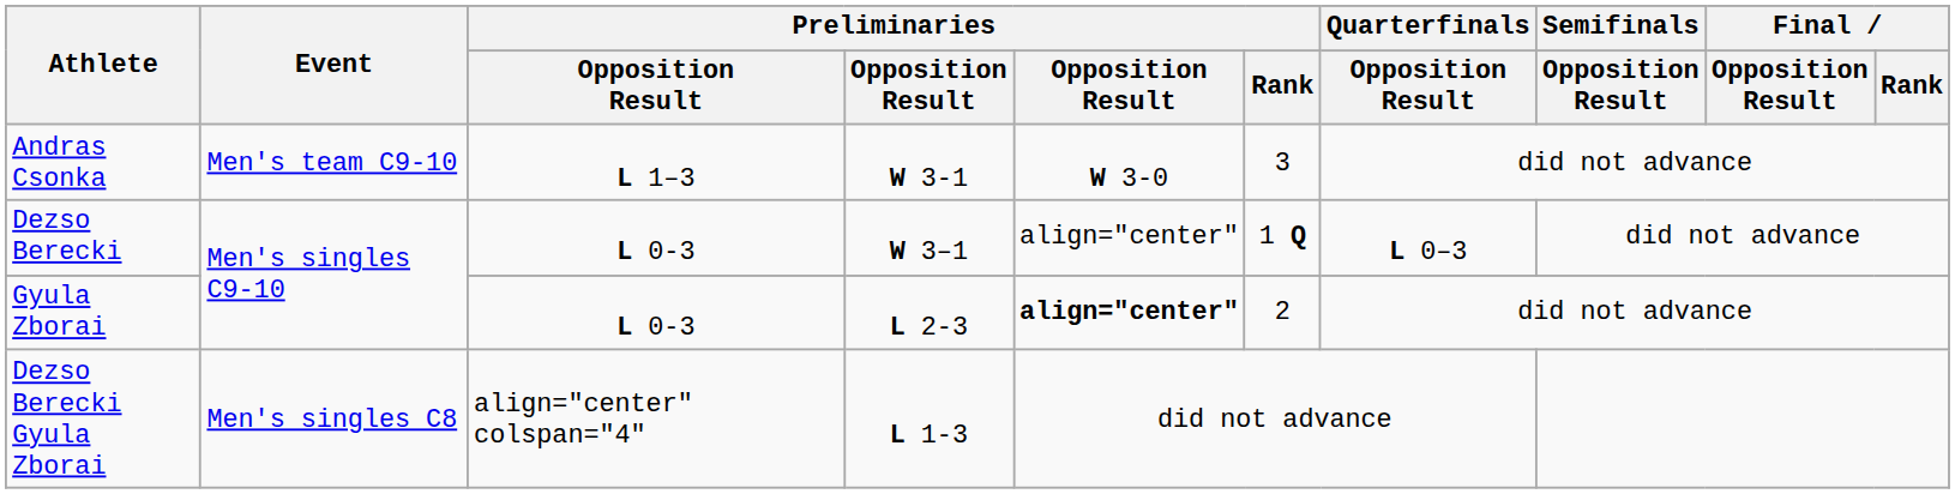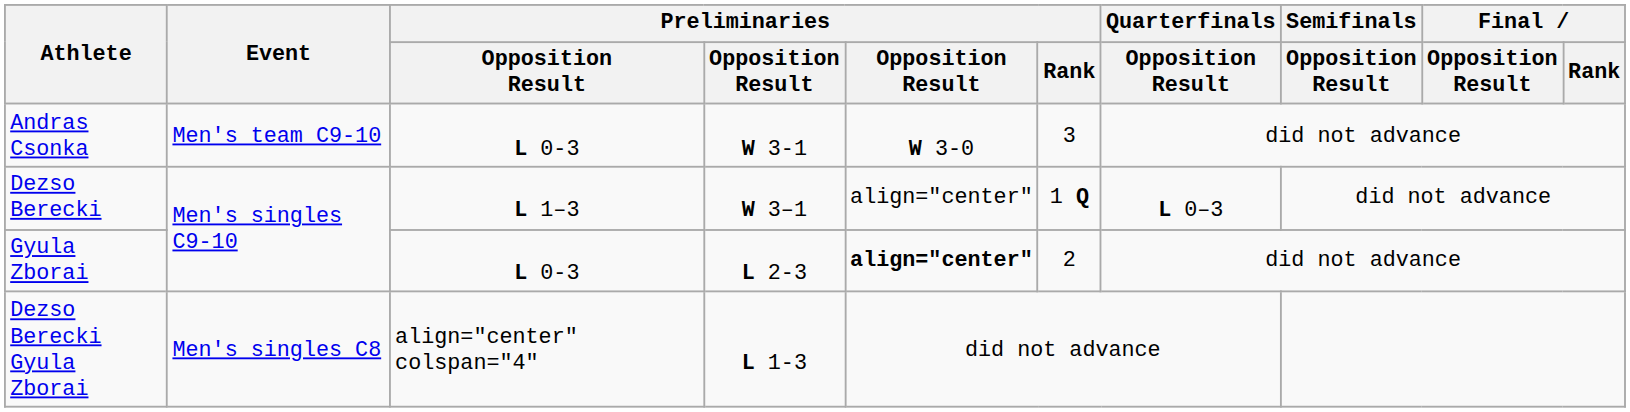 <table class=wikitable style="font-size:90%">
 <tr>
 <th rowspan="2">Athlete</th>
 <th rowspan="2">Event</th>
 <th colspan="4">Preliminaries</th>
 <th>Quarterfinals</th>
 <th>Semifinals</th>
 <th colspan="2">Final / </th>
 </tr>
 <tr>
 <th>Opposition<br>Result</th>
 <th>Opposition<br>Result</th>
 <th>Opposition<br>Result</th>
 <th>Rank</th>
 <th>Opposition<br>Result</th>
 <th>Opposition<br>Result</th>
 <th>Opposition<br>Result</th>
 <th>Rank</th>
 </tr>
 <tr>
 <td><a href='#'>Andras Csonka</a></td>
 <td><a href='#'>Men's team C9-10</a></td>
-<td align="center"><br><strong>L</strong> 1–3</td>
+<td align="center"><br><strong>L</strong> 0-3</td>
 <td align="center"><br><strong>W</strong> 3-1</td>
 <td align="center"><br><strong>W</strong> 3-0</td>
 <td align="center">3</td>
 <td align="center" colspan="4">did not advance</td>
 </tr>
 <tr>
 <td><a href='#'>Dezso Berecki</a></td>
 <td rowspan="2"><a href='#'>Men's singles C9-10</a></td>
-<td align="center"><br><strong>L</strong> 0-3</td>
+<td align="center"><br><strong>L</strong> 1–3</td>
 <td align="center"><br><strong>W</strong> 3–1</td>
 <td>align="center" </td>
 <td align="center">1 <strong>Q</strong></td>
 <td align="center"><br><strong>L</strong> 0–3</td>
 <td align="center" colspan="3">did not advance</td>
 </tr>
 <tr>
 <td><a href='#'>Gyula Zborai</a></td>
 <td align="center"><br><strong>L</strong> 0-3</td>
 <td align="center"><br><strong>L</strong> 2-3</td>
 <td><strong>align="center" </strong></td>
 <td align="center">2</td>
 <td align="center" colspan="4">did not advance</td>
 </tr>
 <tr>
 <td><a href='#'>Dezso Berecki</a><br> <a href='#'>Gyula Zborai</a></td>
 <td><a href='#'>Men's singles C8</a></td>
 <td>align="center" colspan="4" </td>
 <td align="center"><br><strong>L</strong> 1-3</td>
 <td align="center" colspan="3">did not advance</td>
 </tr>
 </table>
